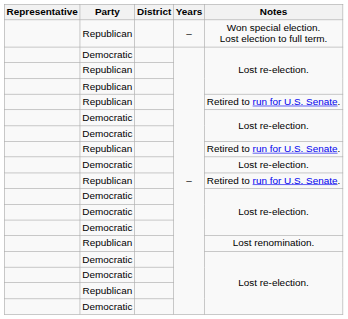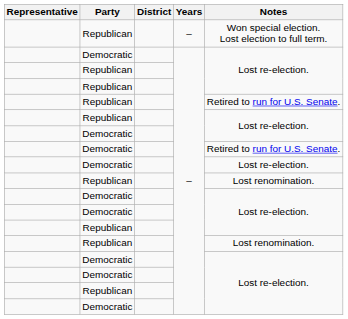 <table class="wikitable sortable" style="text-align:center">
 <tr valign=bottom>
 <th>Representative</th>
 <th>Party</th>
 <th>District</th>
 <th>Years</th>
 <th>Notes</th>
 </tr>
 <tr>
 <td align=left></td>
 <td>Republican</td>
 <td></td>
 <td nowrap> –<br></td>
 <td>Won special election.<br>Lost election to full term.</td>
 </tr>
 <tr>
 <td align=left></td>
 <td>Democratic</td>
 <td></td>
 <td rowspan="17" nowrap=""> –<br></td>
 <td rowspan="3">Lost re-election.</td>
 </tr>
 <tr>
 <td align=left></td>
 <td>Republican</td>
 <td></td>
 </tr>
 <tr>
 <td align=left></td>
 <td>Republican</td>
 <td></td>
 </tr>
 <tr>
 <td align=left></td>
 <td>Republican</td>
 <td></td>
 <td>Retired to <a href='#'>run for U.S. Senate</a>.</td>
 </tr>
 <tr>
 <td align=left></td>
-<td>Democratic</td>
+<td>Republican</td>
 <td></td>
 <td rowspan="2">Lost re-election.</td>
 </tr>
 <tr>
 <td align=left></td>
 <td>Democratic</td>
 <td></td>
 </tr>
 <tr>
 <td align=left></td>
-<td>Republican</td>
+<td>Democratic</td>
 <td></td>
 <td>Retired to <a href='#'>run for U.S. Senate</a>.</td>
 </tr>
 <tr>
 <td align=left></td>
 <td>Democratic</td>
 <td></td>
 <td>Lost re-election.</td>
 </tr>
 <tr>
 <td align=left></td>
 <td>Republican</td>
 <td></td>
-<td>Retired to <a href='#'>run for U.S. Senate</a>.</td>
+<td>Lost renomination.</td>
 </tr>
 <tr>
 <td align=left></td>
 <td>Democratic</td>
 <td></td>
 <td rowspan="3">Lost re-election.</td>
 </tr>
 <tr>
 <td align=left></td>
 <td>Democratic</td>
 <td></td>
 </tr>
 <tr>
 <td align=left></td>
-<td>Democratic</td>
+<td>Republican</td>
 <td></td>
 </tr>
 <tr>
 <td align=left></td>
 <td>Republican</td>
 <td></td>
 <td>Lost renomination.</td>
 </tr>
 <tr>
 <td align=left></td>
 <td>Democratic</td>
 <td></td>
 <td rowspan="4">Lost re-election.</td>
 </tr>
 <tr>
 <td align=left></td>
 <td>Democratic</td>
 <td></td>
 </tr>
 <tr>
 <td align=left></td>
 <td>Republican</td>
 <td></td>
 </tr>
 <tr>
 <td align=left></td>
 <td>Democratic</td>
 <td></td>
 </tr>
 </table>
